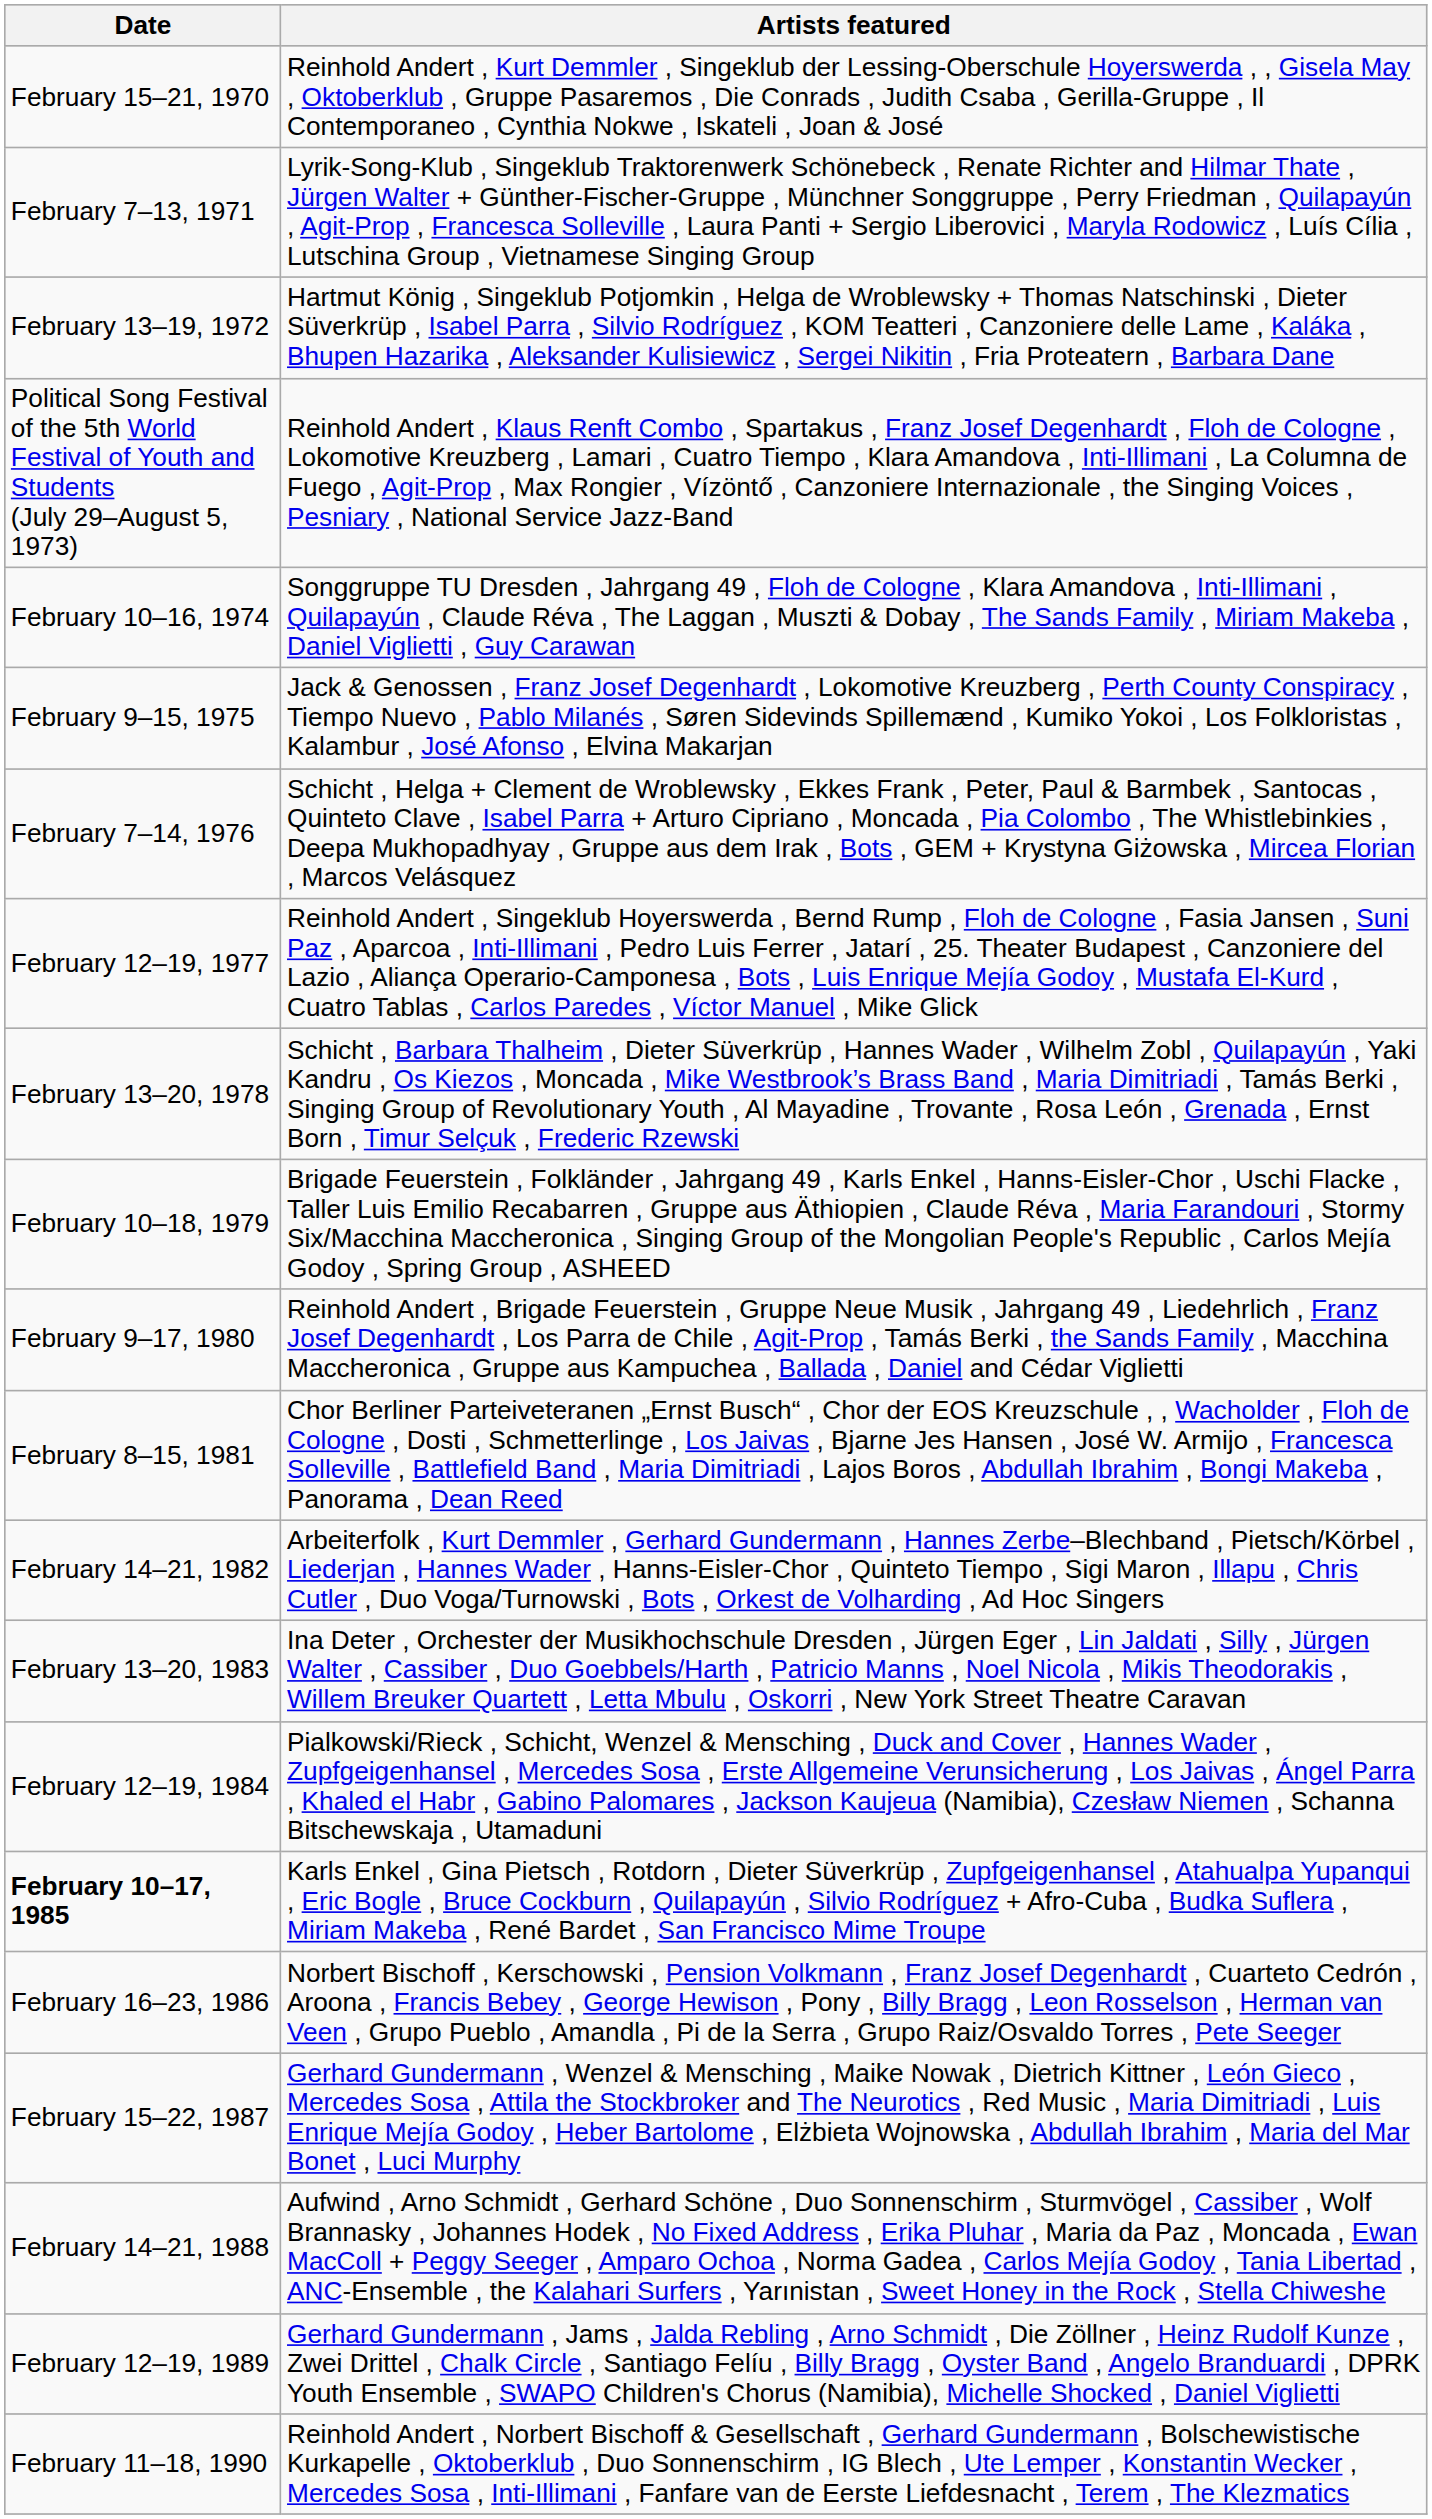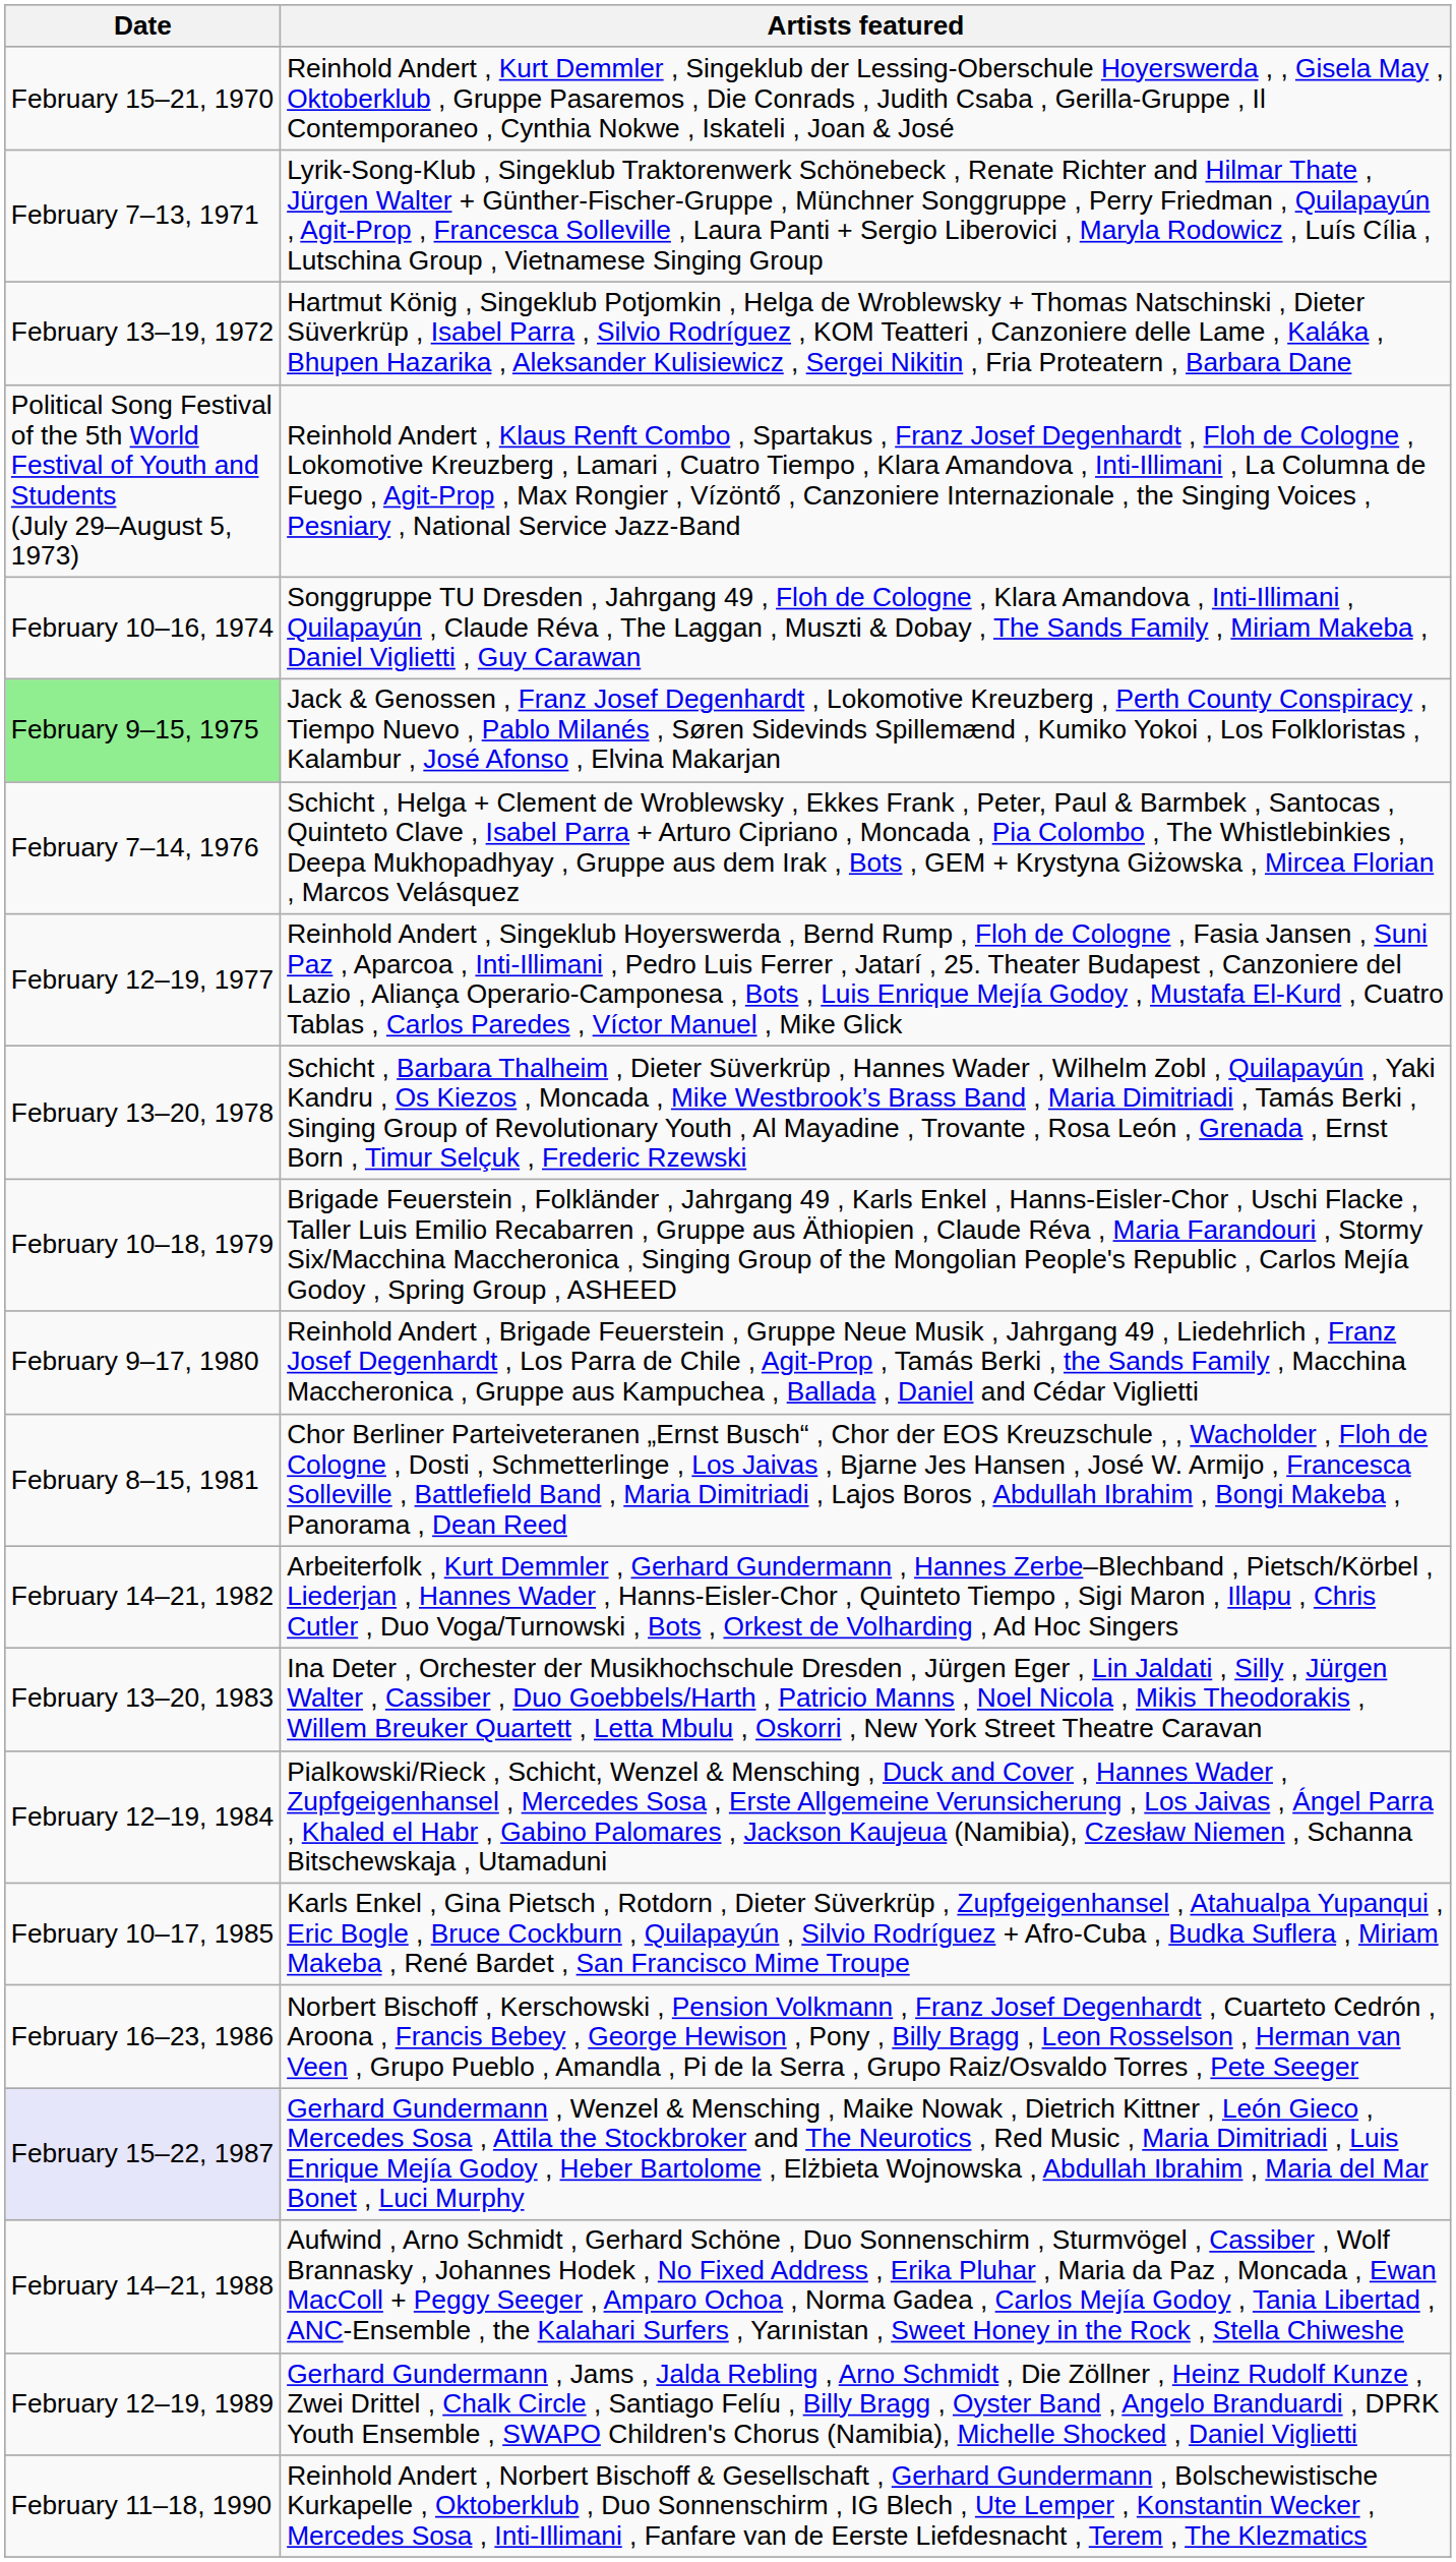 <table class="wikitable">
 <tr>
 <th>Date</th>
 <th>Artists featured</th>
 </tr>
 <tr>
 <td>February 15–21, 1970</td>
 <td>Reinhold Andert , <a href='#'>Kurt Demmler</a> , Singeklub der Lessing-Oberschule <a href='#'>Hoyerswerda</a> ,  , <a href='#'>Gisela May</a> , <a href='#'>Oktoberklub</a> , Gruppe Pasaremos , Die Conrads , Judith Csaba , Gerilla-Gruppe , Il Contemporaneo , Cynthia Nokwe , Iskateli , Joan & José </td>
 </tr>
 <tr>
 <td>February 7–13, 1971</td>
 <td>Lyrik-Song-Klub , Singeklub Traktorenwerk Schönebeck , Renate Richter and <a href='#'>Hilmar Thate</a> , <a href='#'>Jürgen Walter</a> + Günther-Fischer-Gruppe , Münchner Songgruppe , Perry Friedman , <a href='#'>Quilapayún</a> , <a href='#'>Agit-Prop</a> , <a href='#'>Francesca Solleville</a> , Laura Panti + Sergio Liberovici , <a href='#'>Maryla Rodowicz</a> , Luís Cília , Lutschina Group , Vietnamese Singing Group </td>
 </tr>
 <tr>
 <td>February 13–19, 1972</td>
 <td>Hartmut König , Singeklub Potjomkin , Helga de Wroblewsky + Thomas Natschinski , Dieter Süverkrüp , <a href='#'>Isabel Parra</a> , <a href='#'>Silvio Rodríguez</a> , KOM Teatteri , Canzoniere delle Lame , <a href='#'>Kaláka</a> , <a href='#'>Bhupen Hazarika</a> , <a href='#'>Aleksander Kulisiewicz</a> , <a href='#'>Sergei Nikitin</a> , Fria Proteatern , <a href='#'>Barbara Dane</a> </td>
 </tr>
 <tr>
 <td>Political Song Festival of the 5th <a href='#'>World Festival of Youth and Students</a><br>(July 29–August 5, 1973)</td>
 <td>Reinhold Andert , <a href='#'>Klaus Renft Combo</a> , Spartakus , <a href='#'>Franz Josef Degenhardt</a> , <a href='#'>Floh de Cologne</a> , Lokomotive Kreuzberg , Lamari , Cuatro Tiempo , Klara Amandova , <a href='#'>Inti-Illimani</a> , La Columna de Fuego , <a href='#'>Agit-Prop</a> , Max Rongier , Vízöntő , Canzoniere Internazionale , the Singing Voices , <a href='#'>Pesniary</a> , National Service Jazz-Band </td>
 </tr>
 <tr>
 <td>February 10–16, 1974</td>
 <td>Songgruppe TU Dresden , Jahrgang 49 , <a href='#'>Floh de Cologne</a> , Klara Amandova , <a href='#'>Inti-Illimani</a> , <a href='#'>Quilapayún</a> , Claude Réva , The Laggan , Muszti & Dobay , <a href='#'>The Sands Family</a> , <a href='#'>Miriam Makeba</a> , <a href='#'>Daniel Viglietti</a> , <a href='#'>Guy Carawan</a> </td>
 </tr>
 <tr>
-<td>February 9–15, 1975</td>
+<td style="background: lightgreen;">February 9–15, 1975</td>
 <td>Jack & Genossen , <a href='#'>Franz Josef Degenhardt</a> , Lokomotive Kreuzberg , <a href='#'>Perth County Conspiracy</a> , Tiempo Nuevo , <a href='#'>Pablo Milanés</a> , Søren Sidevinds Spillemænd , Kumiko Yokoi , Los Folkloristas , Kalambur , <a href='#'>José Afonso</a> , Elvina Makarjan </td>
 </tr>
 <tr>
 <td>February 7–14, 1976</td>
 <td>Schicht , Helga + Clement de Wroblewsky , Ekkes Frank , Peter, Paul & Barmbek , Santocas , Quinteto Clave , <a href='#'>Isabel Parra</a> + Arturo Cipriano , Moncada , <a href='#'>Pia Colombo</a> , The Whistlebinkies , Deepa Mukhopadhyay , Gruppe aus dem Irak , <a href='#'>Bots</a> , GEM + Krystyna Giżowska , <a href='#'>Mircea Florian</a> , Marcos Velásquez </td>
 </tr>
 <tr>
 <td>February 12–19, 1977</td>
 <td>Reinhold Andert , Singeklub Hoyerswerda , Bernd Rump , <a href='#'>Floh de Cologne</a> , Fasia Jansen , <a href='#'>Suni Paz</a> , Aparcoa , <a href='#'>Inti-Illimani</a> , Pedro Luis Ferrer , Jatarí , 25. Theater Budapest , Canzoniere del Lazio , Aliança Operario-Camponesa , <a href='#'>Bots</a> , <a href='#'>Luis Enrique Mejía Godoy</a> , <a href='#'>Mustafa El-Kurd</a> , Cuatro Tablas , <a href='#'>Carlos Paredes</a> , <a href='#'>Víctor Manuel</a> , Mike Glick </td>
 </tr>
 <tr>
 <td>February 13–20, 1978</td>
 <td>Schicht , <a href='#'>Barbara Thalheim</a> , Dieter Süverkrüp , Hannes Wader , Wilhelm Zobl , <a href='#'>Quilapayún</a> , Yaki Kandru , <a href='#'>Os Kiezos</a> , Moncada , <a href='#'>Mike Westbrook’s Brass Band</a> , <a href='#'>Maria Dimitriadi</a> , Tamás Berki , Singing Group of Revolutionary Youth , Al Mayadine , Trovante , Rosa León , <a href='#'>Grenada</a> , Ernst Born , <a href='#'>Timur Selçuk</a> , <a href='#'>Frederic Rzewski</a> </td>
 </tr>
 <tr>
 <td>February 10–18, 1979</td>
 <td>Brigade Feuerstein , Folkländer , Jahrgang 49 , Karls Enkel , Hanns-Eisler-Chor , Uschi Flacke , Taller Luis Emilio Recabarren , Gruppe aus Äthiopien , Claude Réva , <a href='#'>Maria Farandouri</a> , Stormy Six/Macchina Maccheronica , Singing Group of the Mongolian People's Republic , Carlos Mejía Godoy , Spring Group , ASHEED </td>
 </tr>
 <tr>
 <td>February 9–17, 1980</td>
 <td>Reinhold Andert , Brigade Feuerstein , Gruppe Neue Musik , Jahrgang 49 , Liedehrlich , <a href='#'>Franz Josef Degenhardt</a> , Los Parra de Chile , <a href='#'>Agit-Prop</a> , Tamás Berki , <a href='#'>the Sands Family</a> , Macchina Maccheronica , Gruppe aus Kampuchea , <a href='#'>Ballada</a> , <a href='#'>Daniel</a> and Cédar Viglietti </td>
 </tr>
 <tr>
 <td>February 8–15, 1981</td>
 <td>Chor Berliner Parteiveteranen „Ernst Busch“ , Chor der EOS Kreuzschule ,  , <a href='#'>Wacholder</a> , <a href='#'>Floh de Cologne</a> , Dosti , Schmetterlinge , <a href='#'>Los Jaivas</a> , Bjarne Jes Hansen , José W. Armijo , <a href='#'>Francesca Solleville</a> , <a href='#'>Battlefield Band</a> , <a href='#'>Maria Dimitriadi</a> , Lajos Boros , <a href='#'>Abdullah Ibrahim</a> , <a href='#'>Bongi Makeba</a> , Panorama , <a href='#'>Dean Reed</a> </td>
 </tr>
 <tr>
 <td>February 14–21, 1982</td>
 <td>Arbeiterfolk , <a href='#'>Kurt Demmler</a> , <a href='#'>Gerhard Gundermann</a> , <a href='#'>Hannes Zerbe</a>–Blechband , Pietsch/Körbel , <a href='#'>Liederjan</a> , <a href='#'>Hannes Wader</a> , Hanns-Eisler-Chor , Quinteto Tiempo , Sigi Maron , <a href='#'>Illapu</a> , <a href='#'>Chris Cutler</a> , Duo Voga/Turnowski , <a href='#'>Bots</a> , <a href='#'>Orkest de Volharding</a> , Ad Hoc Singers </td>
 </tr>
 <tr>
 <td>February 13–20, 1983</td>
 <td>Ina Deter , Orchester der Musikhochschule Dresden , Jürgen Eger , <a href='#'>Lin Jaldati</a> , <a href='#'>Silly</a> , <a href='#'>Jürgen Walter</a> , <a href='#'>Cassiber</a> , <a href='#'>Duo Goebbels/Harth</a> , <a href='#'>Patricio Manns</a> , <a href='#'>Noel Nicola</a> , <a href='#'>Mikis Theodorakis</a> , <a href='#'>Willem Breuker Quartett</a> , <a href='#'>Letta Mbulu</a> , <a href='#'>Oskorri</a> , New York Street Theatre Caravan </td>
 </tr>
 <tr>
 <td>February 12–19, 1984</td>
 <td>Pialkowski/Rieck , Schicht, Wenzel & Mensching , <a href='#'>Duck and Cover</a> , <a href='#'>Hannes Wader</a> , <a href='#'>Zupfgeigenhansel</a> , <a href='#'>Mercedes Sosa</a> , <a href='#'>Erste Allgemeine Verunsicherung</a> , <a href='#'>Los Jaivas</a> , <a href='#'>Ángel Parra</a> , <a href='#'>Khaled el Habr</a> , <a href='#'>Gabino Palomares</a> , <a href='#'>Jackson Kaujeua</a>  (Namibia), <a href='#'>Czesław Niemen</a> , Schanna Bitschewskaja , Utamaduni </td>
 </tr>
 <tr>
-<td><strong>February 10–17, 1985</strong></td>
+<td>February 10–17, 1985</td>
 <td>Karls Enkel , Gina Pietsch , Rotdorn , Dieter Süverkrüp , <a href='#'>Zupfgeigenhansel</a> , <a href='#'>Atahualpa Yupanqui</a> , <a href='#'>Eric Bogle</a> , <a href='#'>Bruce Cockburn</a> , <a href='#'>Quilapayún</a> , <a href='#'>Silvio Rodríguez</a> + Afro-Cuba , <a href='#'>Budka Suflera</a> , <a href='#'>Miriam Makeba</a> , René Bardet , <a href='#'>San Francisco Mime Troupe</a> </td>
 </tr>
 <tr>
 <td>February 16–23, 1986</td>
 <td>Norbert Bischoff , Kerschowski , <a href='#'>Pension Volkmann</a> , <a href='#'>Franz Josef Degenhardt</a> , Cuarteto Cedrón , Aroona , <a href='#'>Francis Bebey</a> , <a href='#'>George Hewison</a> , Pony , <a href='#'>Billy Bragg</a> , <a href='#'>Leon Rosselson</a> , <a href='#'>Herman van Veen</a> , Grupo Pueblo , Amandla , Pi de la Serra , Grupo Raiz/Osvaldo Torres , <a href='#'>Pete Seeger</a> </td>
 </tr>
 <tr>
-<td>February 15–22, 1987</td>
+<td style="background: lavender;">February 15–22, 1987</td>
 <td><a href='#'>Gerhard Gundermann</a> , Wenzel & Mensching , Maike Nowak , Dietrich Kittner , <a href='#'>León Gieco</a> , <a href='#'>Mercedes Sosa</a> , <a href='#'>Attila the Stockbroker</a> and <a href='#'>The Neurotics</a> , Red Music , <a href='#'>Maria Dimitriadi</a> , <a href='#'>Luis Enrique Mejía Godoy</a> , <a href='#'>Heber Bartolome</a> , Elżbieta Wojnowska , <a href='#'>Abdullah Ibrahim</a> , <a href='#'>Maria del Mar Bonet</a> , <a href='#'>Luci Murphy</a> </td>
 </tr>
 <tr>
 <td>February 14–21, 1988</td>
 <td>Aufwind , Arno Schmidt , Gerhard Schöne , Duo Sonnenschirm , Sturmvögel , <a href='#'>Cassiber</a> , Wolf Brannasky , Johannes Hodek , <a href='#'>No Fixed Address</a> , <a href='#'>Erika Pluhar</a> , Maria da Paz , Moncada , <a href='#'>Ewan MacColl</a> + <a href='#'>Peggy Seeger</a> , <a href='#'>Amparo Ochoa</a> , Norma Gadea , <a href='#'>Carlos Mejía Godoy</a> , <a href='#'>Tania Libertad</a> , <a href='#'>ANC</a>-Ensemble , the <a href='#'>Kalahari Surfers</a> , Yarınistan , <a href='#'>Sweet Honey in the Rock</a> , <a href='#'>Stella Chiweshe</a> </td>
 </tr>
 <tr>
 <td>February 12–19, 1989</td>
 <td><a href='#'>Gerhard Gundermann</a> , Jams , <a href='#'>Jalda Rebling</a> , <a href='#'>Arno Schmidt</a> , Die Zöllner , <a href='#'>Heinz Rudolf Kunze</a> , Zwei Drittel , <a href='#'>Chalk Circle</a> , Santiago Felíu , <a href='#'>Billy Bragg</a> , <a href='#'>Oyster Band</a> , <a href='#'>Angelo Branduardi</a> , DPRK Youth Ensemble , <a href='#'>SWAPO</a> Children's Chorus  (Namibia), <a href='#'>Michelle Shocked</a> , <a href='#'>Daniel Viglietti</a> </td>
 </tr>
 <tr>
 <td>February 11–18, 1990</td>
 <td>Reinhold Andert , Norbert Bischoff & Gesellschaft , <a href='#'>Gerhard Gundermann</a> , Bolschewistische Kurkapelle , <a href='#'>Oktoberklub</a> , Duo Sonnenschirm , IG Blech , <a href='#'>Ute Lemper</a> , <a href='#'>Konstantin Wecker</a> , <a href='#'>Mercedes Sosa</a> , <a href='#'>Inti-Illimani</a> , Fanfare van de Eerste Liefdesnacht , <a href='#'>Terem</a> , <a href='#'>The Klezmatics</a> </td>
 </tr>
 </table>
